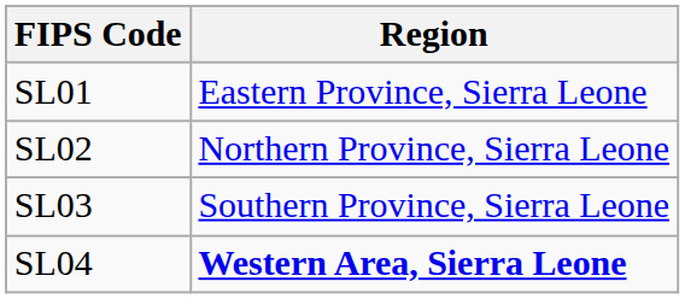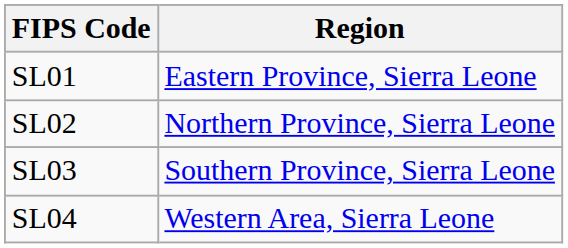 <table class="wikitable">
 <tr>
 <th>FIPS Code</th>
 <th>Region</th>
 </tr>
 <tr>
 <td>SL01</td>
 <td><a href='#'>Eastern Province, Sierra Leone</a></td>
 </tr>
 <tr>
 <td>SL02</td>
 <td><a href='#'>Northern Province, Sierra Leone</a></td>
 </tr>
 <tr>
 <td>SL03</td>
 <td><a href='#'>Southern Province, Sierra Leone</a></td>
 </tr>
 <tr>
 <td>SL04</td>
-<td><strong><a href='#'>Western Area, Sierra Leone</a></strong></td>
+<td><a href='#'>Western Area, Sierra Leone</a></td>
 </tr>
 </table>
